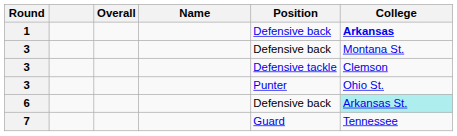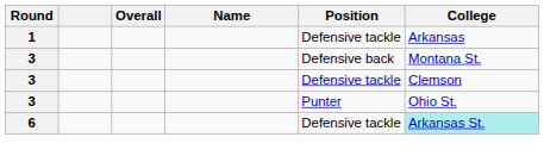 <table class="wikitable sortable" style="width: 50%;">
 <tr>
 <th scope="col" style="width: 10%;">Round</th>
 <th scope="col" style="width: 10%;"></th>
 <th scope="col" style="width: 10%;">Overall</th>
 <th scope="col" style="width: 25%;">Name</th>
 <th scope="col" style="width: 20%;">Position</th>
 <th scope="col" style="width: 25%;">College</th>
 </tr>
 <tr>
 <th scope="row">1</th>
 <td></td>
 <td></td>
 <td></td>
-<td><a href='#'>Defensive back</a></td>
-<td><strong><a href='#'>Arkansas</a></strong></td>
+<td>Defensive tackle</td>
+<td><a href='#'>Arkansas</a></td>
 </tr>
 <tr>
 <th scope="row">3</th>
 <td></td>
 <td></td>
 <td></td>
 <td>Defensive back</td>
 <td><a href='#'>Montana St.</a></td>
 </tr>
 <tr>
 <th scope="row">3</th>
 <td></td>
 <td></td>
 <td></td>
 <td><a href='#'>Defensive tackle</a></td>
 <td><a href='#'>Clemson</a></td>
 </tr>
 <tr>
 <th scope="row">3</th>
 <td></td>
 <td></td>
 <td></td>
 <td><a href='#'>Punter</a></td>
 <td><a href='#'>Ohio St.</a></td>
 </tr>
 <tr>
 <th scope="row">6</th>
 <td></td>
 <td></td>
 <td></td>
-<td>Defensive back</td>
+<td>Defensive tackle</td>
 <td style="background: paleturquoise;"><a href='#'>Arkansas St.</a></td>
 </tr>
-<tr>
-<th scope="row">7</th>
-<td></td>
-<td></td>
-<td></td>
-<td><a href='#'>Guard</a></td>
-<td><a href='#'>Tennessee</a></td>
-</tr>
 </table>
